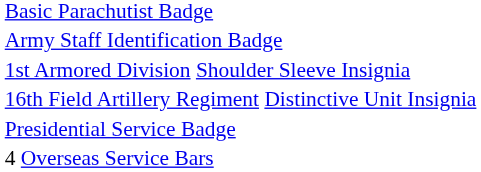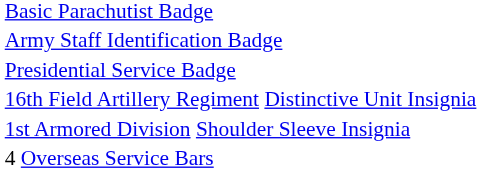 <table>
 <tr>
 <td>  <a href='#'>Basic Parachutist Badge</a></td>
 </tr>
 <tr>
 <td>  <a href='#'>Army Staff Identification Badge</a></td>
 </tr>
 <tr>
-<td>  <a href='#'>1st Armored Division</a> <a href='#'>Shoulder Sleeve Insignia</a></td>
+<td>  <a href='#'>Presidential Service Badge</a></td>
 </tr>
 <tr>
 <td>  <a href='#'>16th Field Artillery Regiment</a> <a href='#'>Distinctive Unit Insignia</a></td>
 </tr>
 <tr>
-<td>  <a href='#'>Presidential Service Badge</a></td>
+<td>  <a href='#'>1st Armored Division</a> <a href='#'>Shoulder Sleeve Insignia</a></td>
 </tr>
 <tr>
 <td>  4 <a href='#'>Overseas Service Bars</a></td>
 </tr>
 </table>
